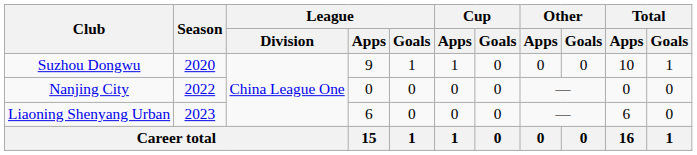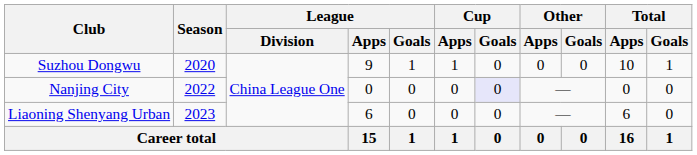 <table class="wikitable" style="text-align: center">
 <tr>
 <th rowspan="2">Club</th>
 <th rowspan="2">Season</th>
 <th colspan="3">League</th>
 <th colspan="2">Cup</th>
 <th colspan="2">Other</th>
 <th colspan="2">Total</th>
 </tr>
 <tr>
 <th>Division</th>
 <th>Apps</th>
 <th>Goals</th>
 <th>Apps</th>
 <th>Goals</th>
 <th>Apps</th>
 <th>Goals</th>
 <th>Apps</th>
 <th>Goals</th>
 </tr>
 <tr>
 <td><a href='#'>Suzhou Dongwu</a></td>
 <td><a href='#'>2020</a></td>
 <td rowspan="3"><a href='#'>China League One</a></td>
 <td>9</td>
 <td>1</td>
 <td>1</td>
 <td>0</td>
 <td>0</td>
 <td>0</td>
 <td>10</td>
 <td>1</td>
 </tr>
 <tr>
 <td><a href='#'>Nanjing City</a></td>
 <td><a href='#'>2022</a></td>
 <td>0</td>
 <td>0</td>
 <td>0</td>
-<td>0</td>
+<td style="background: lavender;">0</td>
 <td colspan="2">—</td>
 <td>0</td>
 <td>0</td>
 </tr>
 <tr>
 <td><a href='#'>Liaoning Shenyang Urban</a></td>
 <td><a href='#'>2023</a></td>
 <td>6</td>
 <td>0</td>
 <td>0</td>
 <td>0</td>
 <td colspan="2">—</td>
 <td>6</td>
 <td>0</td>
 </tr>
 <tr>
 <th colspan="3"><strong>Career total</strong></th>
 <th>15</th>
 <th>1</th>
 <th>1</th>
 <th>0</th>
 <th>0</th>
 <th>0</th>
 <th>16</th>
 <th>1</th>
 </tr>
 </table>
